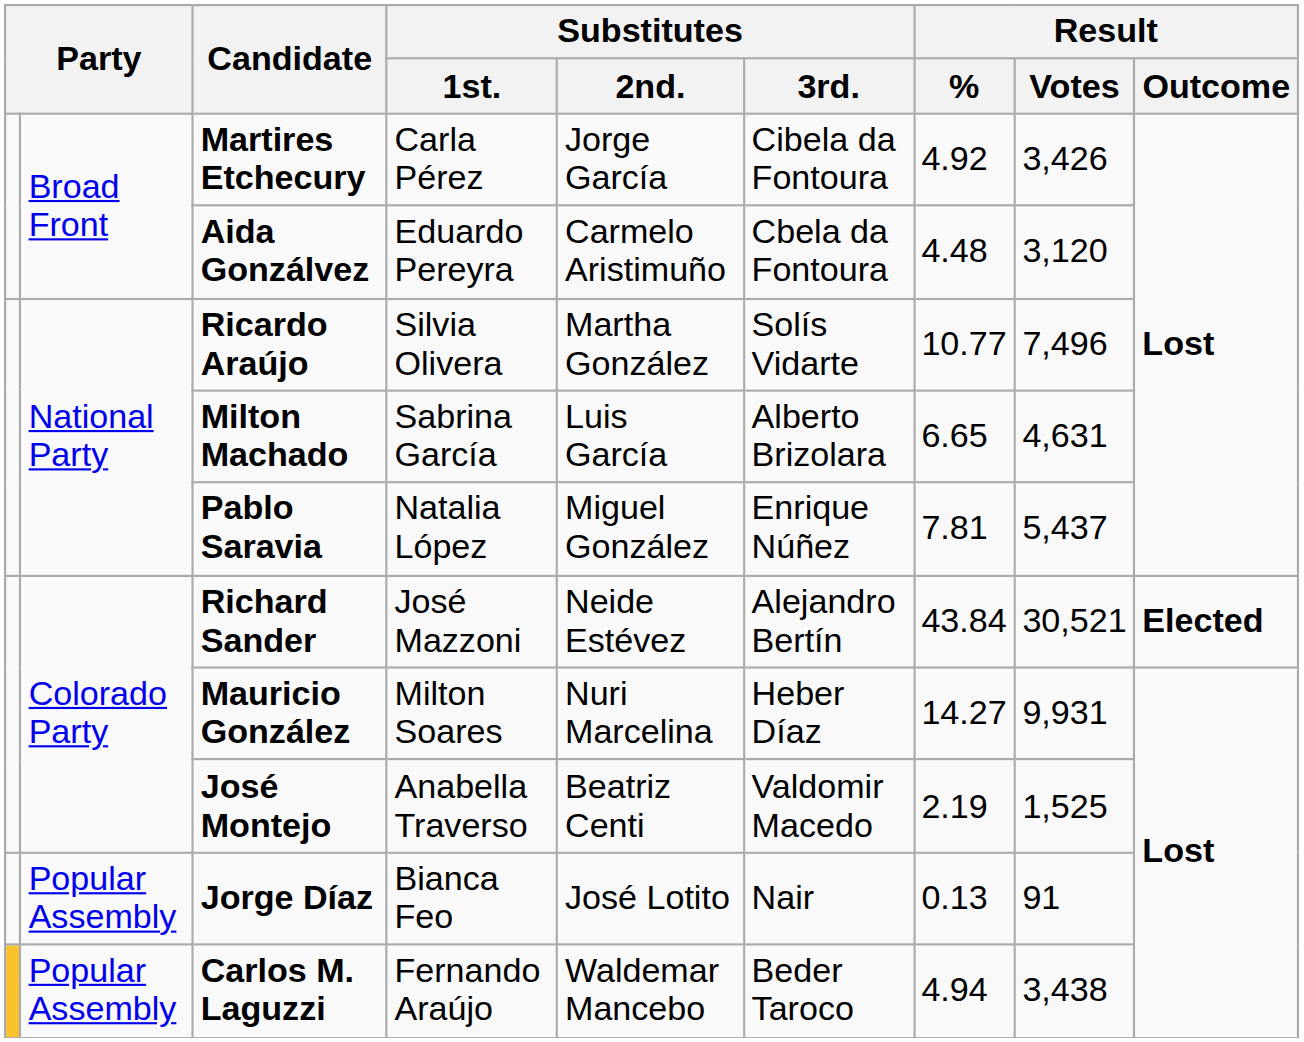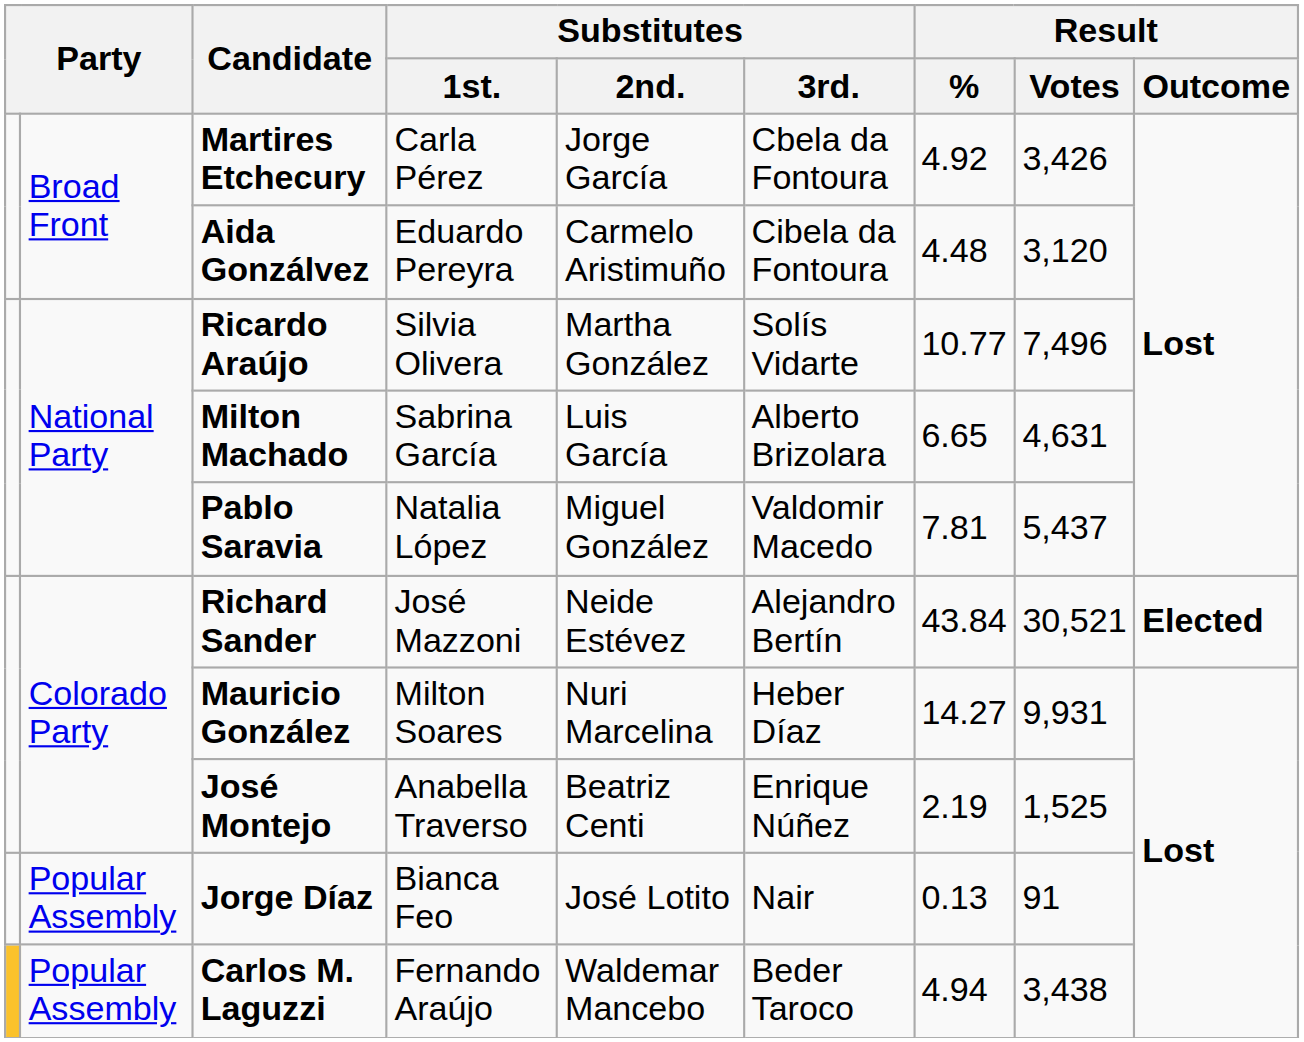 <table class="wikitable">
 <tr>
 <th colspan="2" rowspan="2">Party</th>
 <th rowspan="2">Candidate</th>
 <th colspan="3">Substitutes</th>
 <th colspan="3">Result</th>
 </tr>
 <tr>
 <th>1st.</th>
 <th>2nd.</th>
 <th>3rd.</th>
 <th>%</th>
 <th>Votes</th>
 <th>Outcome</th>
 </tr>
 <tr>
 <td rowspan="2" style="background:"></td>
 <td rowspan="2"><a href='#'>Broad Front</a></td>
 <td><strong>Martires Etchecury</strong></td>
 <td>Carla Pérez</td>
 <td>Jorge García</td>
-<td>Cibela da Fontoura</td>
+<td>Cbela da Fontoura</td>
 <td>4.92</td>
 <td>3,426</td>
 <td rowspan="5"><strong>Lost</strong> </td>
 </tr>
 <tr>
 <td><strong>Aida Gonzálvez</strong></td>
 <td>Eduardo Pereyra</td>
 <td>Carmelo Aristimuño</td>
-<td>Cbela da Fontoura</td>
+<td>Cibela da Fontoura</td>
 <td>4.48</td>
 <td>3,120</td>
 </tr>
 <tr>
 <td rowspan="3" style="background:"></td>
 <td rowspan="3"><a href='#'>National Party</a></td>
 <td><strong>Ricardo Araújo</strong></td>
 <td>Silvia Olivera</td>
 <td>Martha González</td>
 <td>Solís Vidarte</td>
 <td>10.77</td>
 <td>7,496</td>
 </tr>
 <tr>
 <td><strong>Milton Machado</strong></td>
 <td>Sabrina García</td>
 <td>Luis García</td>
 <td>Alberto Brizolara</td>
 <td>6.65</td>
 <td>4,631</td>
 </tr>
 <tr>
 <td><strong>Pablo Saravia</strong></td>
 <td>Natalia López</td>
 <td>Miguel González</td>
-<td>Enrique Núñez</td>
+<td>Valdomir Macedo</td>
 <td>7.81</td>
 <td>5,437</td>
 </tr>
 <tr>
 <td rowspan="3" style="background:"></td>
 <td rowspan="3"><a href='#'>Colorado Party</a></td>
 <td><strong>Richard Sander</strong></td>
 <td>José Mazzoni</td>
 <td>Neide Estévez</td>
 <td>Alejandro Bertín</td>
 <td>43.84</td>
 <td>30,521</td>
 <td><strong>Elected</strong> </td>
 </tr>
 <tr>
 <td><strong>Mauricio González</strong></td>
 <td>Milton Soares</td>
 <td>Nuri Marcelina</td>
 <td>Heber Díaz</td>
 <td>14.27</td>
 <td>9,931</td>
 <td rowspan="4"><strong>Lost</strong> </td>
 </tr>
 <tr>
 <td><strong>José Montejo</strong></td>
 <td>Anabella Traverso</td>
 <td>Beatriz Centi</td>
-<td>Valdomir Macedo</td>
+<td>Enrique Núñez</td>
 <td>2.19</td>
 <td>1,525</td>
 </tr>
 <tr>
 <td style="background:"></td>
 <td><a href='#'>Popular Assembly</a></td>
 <td><strong>Jorge Díaz</strong></td>
 <td>Bianca Feo</td>
 <td>José Lotito</td>
 <td>Nair</td>
 <td>0.13</td>
 <td>91</td>
 </tr>
 <tr>
 <td style="background:#FBC22B"></td>
 <td><a href='#'>Popular Assembly</a></td>
 <td><strong>Carlos M. Laguzzi</strong></td>
 <td>Fernando Araújo</td>
 <td>Waldemar Mancebo</td>
 <td>Beder Taroco</td>
 <td>4.94</td>
 <td>3,438</td>
 </tr>
 </table>
